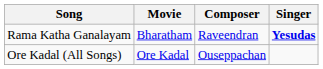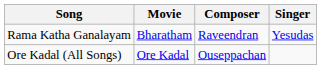 <table class="wikitable">
 <tr>
 <th>Song</th>
 <th>Movie</th>
 <th>Composer</th>
 <th>Singer</th>
 </tr>
 <tr>
 <td>Rama Katha Ganalayam</td>
 <td><a href='#'>Bharatham</a></td>
 <td><a href='#'>Raveendran</a></td>
-<td><strong><a href='#'>Yesudas</a></strong></td>
+<td><a href='#'>Yesudas</a></td>
 </tr>
 <tr>
 <td>Ore Kadal (All Songs)</td>
 <td><a href='#'>Ore Kadal</a></td>
 <td><a href='#'>Ouseppachan</a></td>
 </tr>
 </table>
